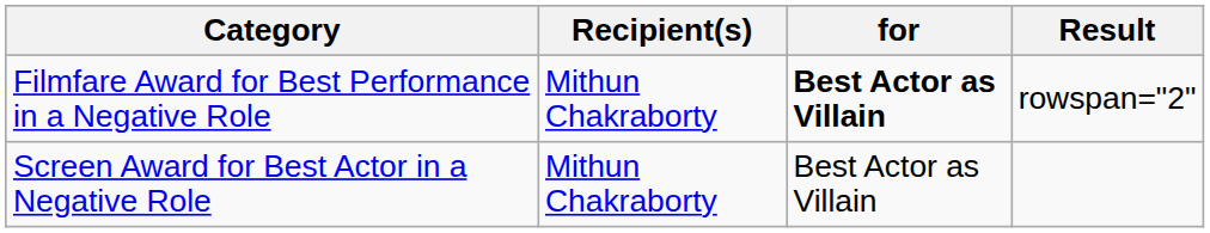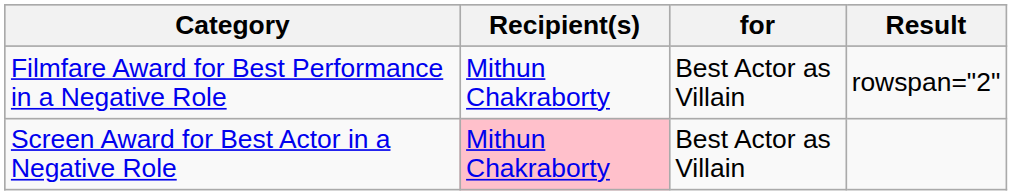 <table class="wikitable">
 <tr>
 <th>Category</th>
 <th>Recipient(s)</th>
 <th>for</th>
 <th>Result</th>
 </tr>
 <tr>
 <td><a href='#'>Filmfare Award for Best Performance in a Negative Role</a></td>
 <td><a href='#'>Mithun Chakraborty</a></td>
-<td><strong>Best Actor as Villain</strong></td>
+<td>Best Actor as Villain</td>
 <td>rowspan="2"<br></td>
 </tr>
 <tr>
 <td><a href='#'>Screen Award for Best Actor in a Negative Role</a></td>
-<td><a href='#'>Mithun Chakraborty</a></td>
+<td style="background: pink;"><a href='#'>Mithun Chakraborty</a></td>
 <td>Best Actor as Villain</td>
 </tr>
 </table>
